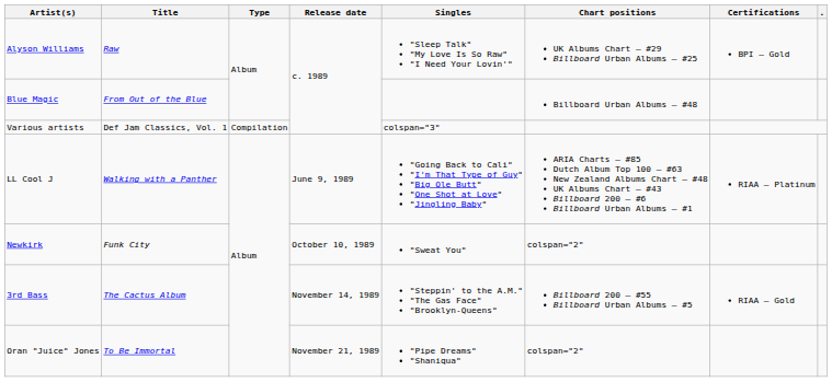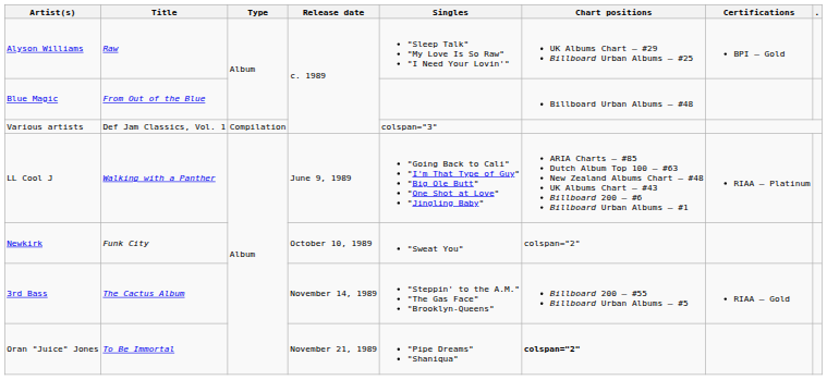 <table class="wikitable">
 <tr>
 <th>Artist(s)</th>
 <th>Title</th>
 <th>Type</th>
 <th>Release date</th>
 <th>Singles</th>
 <th>Chart positions</th>
 <th>Certifications</th>
 <th>.</th>
 </tr>
 <tr>
 <td><a href='#'>Alyson Williams</a></td>
 <td><a href='#'><em>Raw</em></a></td>
 <td rowspan="2">Album</td>
 <td rowspan="3">c. 1989</td>
 <td><br><ul><li>"Sleep Talk"</li><li>"My Love Is So Raw"</li><li>"I Need Your Lovin'"</li></ul></td>
 <td><br><ul><li>UK Albums Chart – #29</li><li><em>Billboard</em> Urban Albums – #25</li></ul></td>
 <td><br><ul><li>BPI – Gold</li></ul></td>
 <td></td>
 </tr>
 <tr>
 <td><a href='#'>Blue Magic</a></td>
 <td><em><a href='#'>From Out of the Blue</a></em></td>
 <td></td>
 <td><br><ul><li>Billboard Urban Albums – #48</li></ul></td>
 <td></td>
 <td></td>
 </tr>
 <tr>
 <td>Various artists</td>
 <td>Def Jam Classics, Vol. 1</td>
 <td>Compilation</td>
 <td>colspan="3" </td>
 <td></td>
 </tr>
 <tr>
 <td>LL Cool J</td>
 <td><em><a href='#'>Walking with a Panther</a></em></td>
 <td rowspan="4">Album</td>
 <td>June 9, 1989</td>
 <td><br><ul><li>"Going Back to Cali"</li><li>"<a href='#'>I'm That Type of Guy</a>"</li><li>"<a href='#'>Big Ole Butt</a>"</li><li>"<a href='#'>One Shot at Love</a>"</li><li>"<a href='#'>Jingling Baby</a>"</li></ul></td>
 <td><br><ul><li>ARIA Charts – #85</li><li>Dutch Album Top 100 – #63</li><li>New Zealand Albums Chart – #48</li><li>UK Albums Chart – #43</li><li><em>Billboard</em> 200 – #6</li><li><em>Billboard</em> Urban Albums – #1</li></ul></td>
 <td><br><ul><li>RIAA – Platinum</li></ul></td>
 <td></td>
 </tr>
 <tr>
 <td><a href='#'>Newkirk</a></td>
 <td><em>Funk City</em></td>
 <td>October 10, 1989</td>
 <td><br><ul><li>"Sweat You"</li></ul></td>
 <td>colspan="2" </td>
 <td></td>
 </tr>
 <tr>
 <td><a href='#'>3rd Bass</a></td>
 <td><em><a href='#'>The Cactus Album</a></em></td>
 <td>November 14, 1989</td>
 <td><br><ul><li>"Steppin' to the A.M."</li><li>"The Gas Face"</li><li>"Brooklyn-Queens"</li></ul></td>
 <td><br><ul><li><em>Billboard</em> 200 – #55</li><li><em>Billboard</em> Urban Albums – #5</li></ul></td>
 <td><br><ul><li>RIAA – Gold</li></ul></td>
 <td></td>
 </tr>
 <tr>
 <td>Oran "Juice" Jones</td>
 <td><em><a href='#'>To Be Immortal</a></em></td>
 <td>November 21, 1989</td>
 <td><br><ul><li>"Pipe Dreams"</li><li>"Shaniqua"</li></ul></td>
-<td>colspan="2" </td>
+<td><strong>colspan="2" </strong></td>
 <td></td>
 </tr>
 </table>
